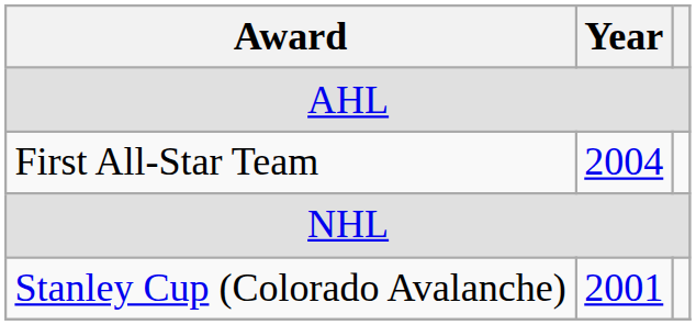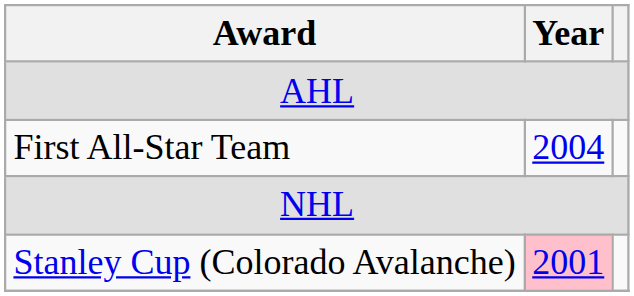 <table class="wikitable">
 <tr>
 <th>Award</th>
 <th>Year</th>
 <th></th>
 </tr>
 <tr ALIGN="center" bgcolor="#e0e0e0">
 <td colspan="3"><a href='#'>AHL</a></td>
 </tr>
 <tr>
 <td>First All-Star Team</td>
 <td><a href='#'>2004</a></td>
 <td></td>
 </tr>
 <tr ALIGN="center" bgcolor="#e0e0e0">
 <td colspan="3"><a href='#'>NHL</a></td>
 </tr>
 <tr>
 <td><a href='#'>Stanley Cup</a> (Colorado Avalanche)</td>
-<td><a href='#'>2001</a></td>
+<td style="background: pink;"><a href='#'>2001</a></td>
 <td></td>
 </tr>
 <tr>
 </tr>
 </table>
